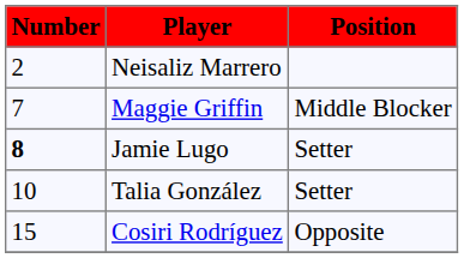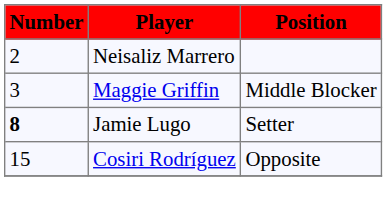 <table bgcolor="#f7f8ff" cellpadding="3" cellspacing="0" border="1" style="font-size: 95%; border: gray solid 1px; border-collapse: collapse;">
 <tr bgcolor="#ff0000">
 <td align=center><strong>Number</strong></td>
 <td align=center><strong>Player</strong></td>
 <td align=center><strong>Position</strong></td>
 </tr>
 <tr align="left">
 <td>2</td>
 <td> Neisaliz Marrero</td>
 <td></td>
 </tr>
 <tr align="left">
-<td>7</td>
+<td>3</td>
 <td> <a href='#'>Maggie Griffin</a></td>
 <td>Middle Blocker</td>
 </tr>
 <tr align="left">
 <td><strong>8</strong></td>
 <td> Jamie Lugo</td>
-<td>Setter</td>
-</tr>
-<tr align="left">
-<td>10</td>
-<td> Talia González</td>
 <td>Setter</td>
 </tr>
 <tr align="left">
 <td>15</td>
 <td> <a href='#'>Cosiri Rodríguez</a></td>
 <td>Opposite</td>
 </tr>
 <tr align="left">
 </tr>
 </table>
